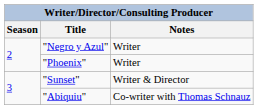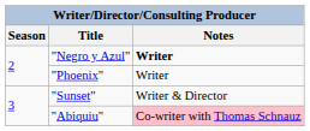 <table class="wikitable">
 <tr>
 <th colspan="3" style="background: LightSteelBlue;">Writer/Director/Consulting Producer</th>
 </tr>
 <tr>
 <th>Season</th>
 <th>Title</th>
 <th>Notes</th>
 </tr>
 <tr>
 <td rowspan="2" style="align="><a href='#'>2</a></td>
 <td>"<a href='#'>Negro y Azul</a>"</td>
-<td>Writer</td>
+<td><strong>Writer</strong></td>
 </tr>
 <tr>
 <td>"<a href='#'>Phoenix</a>"</td>
 <td>Writer</td>
 </tr>
 <tr>
 <td rowspan="2" style="align="><a href='#'>3</a></td>
 <td>"<a href='#'>Sunset</a>"</td>
 <td>Writer & Director</td>
 </tr>
 <tr>
 <td>"<a href='#'>Abiquiu</a>"</td>
-<td>Co-writer with <a href='#'>Thomas Schnauz</a></td>
+<td style="background: pink;">Co-writer with <a href='#'>Thomas Schnauz</a></td>
 </tr>
 </table>
